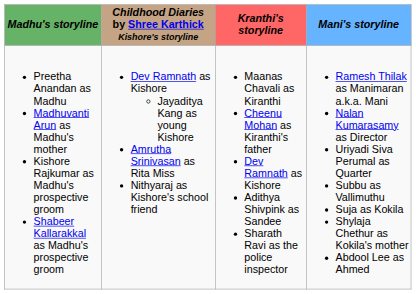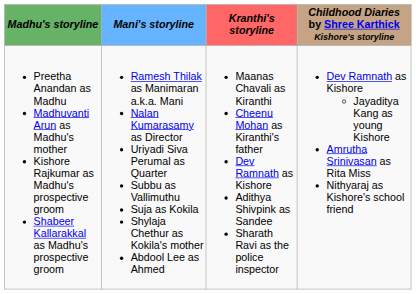 <table class=wikitable>
 <tr>
 <th style="background:#66B266; width:20%"><em>Madhu's storyline</em></th>
+<th style="background:#66B3FF; width:20%"><em>Mani's storyline</em></th>
+<th style="background:#FF6666; width:20%"><em>Kranthi's storyline</em></th>
 <th style="background:#C4A484; width:20%"><em>Childhood Diaries</em><br> by <a href='#'>Shree Karthick</a><br><small><em>Kishore's storyline</em></small></th>
-<th style="background:#FF6666; width:20%"><em>Kranthi's storyline</em></th>
-<th style="background:#66B3FF; width:20%"><em>Mani's storyline</em></th>
 </tr>
 <tr>
 <td valign="top"><br><ul><li>Preetha Anandan as Madhu</li><li><a href='#'>Madhuvanti Arun</a> as Madhu's mother</li><li>Kishore Rajkumar as Madhu's prospective groom</li><li><a href='#'>Shabeer Kallarakkal</a> as Madhu's prospective groom</li></ul></td>
+<td valign="top"><br><ul><li><a href='#'>Ramesh Thilak</a> as Manimaran a.k.a. Mani</li><li><a href='#'>Nalan Kumarasamy</a> as Director</li><li>Uriyadi Siva Perumal as Quarter</li><li>Subbu as Vallimuthu</li><li>Suja as Kokila</li><li>Shylaja Chethur as Kokila's mother</li><li>Abdool Lee as Ahmed</li></ul></td>
+<td valign="top"><br><ul><li>Maanas Chavali as Kiranthi</li><li><a href='#'>Cheenu Mohan</a> as Kiranthi's father</li><li><a href='#'>Dev Ramnath</a> as Kishore</li><li>Adithya Shivpink as Sandee</li><li>Sharath Ravi as the police inspector</li></ul></td>
 <td valign="top"><br><ul><li><a href='#'>Dev Ramnath</a> as Kishore<ul><li>Jayaditya Kang as young Kishore</li></ul></li><li><a href='#'>Amrutha Srinivasan</a> as Rita Miss</li><li>Nithyaraj as Kishore's school friend</li></ul></td>
-<td valign="top"><br><ul><li>Maanas Chavali as Kiranthi</li><li><a href='#'>Cheenu Mohan</a> as Kiranthi's father</li><li><a href='#'>Dev Ramnath</a> as Kishore</li><li>Adithya Shivpink as Sandee</li><li>Sharath Ravi as the police inspector</li></ul></td>
-<td valign="top"><br><ul><li><a href='#'>Ramesh Thilak</a> as Manimaran a.k.a. Mani</li><li><a href='#'>Nalan Kumarasamy</a> as Director</li><li>Uriyadi Siva Perumal as Quarter</li><li>Subbu as Vallimuthu</li><li>Suja as Kokila</li><li>Shylaja Chethur as Kokila's mother</li><li>Abdool Lee as Ahmed</li></ul></td>
 </tr>
 </table>
